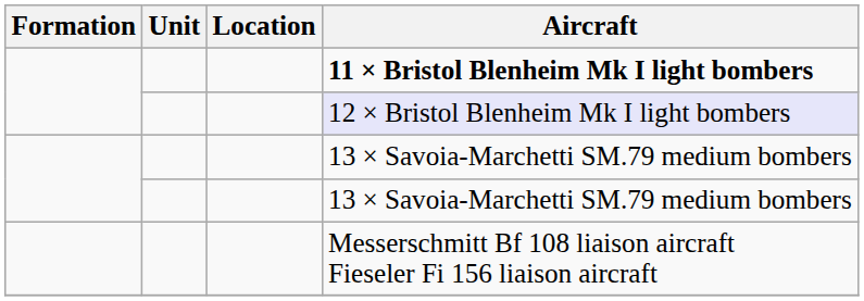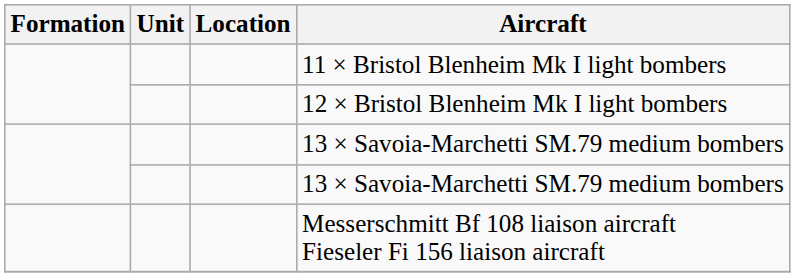 <table class="wikitable">
 <tr>
 <th scope="col">Formation</th>
 <th scope="col">Unit</th>
 <th scope="col">Location</th>
 <th scope="col">Aircraft</th>
 </tr>
 <tr>
 <td rowspan=2></td>
 <td></td>
 <td></td>
-<td><strong>11 × Bristol Blenheim Mk I light bombers</strong></td>
+<td>11 × Bristol Blenheim Mk I light bombers</td>
 </tr>
 <tr>
 <td></td>
 <td></td>
-<td style="background: lavender;">12 × Bristol Blenheim Mk I light bombers</td>
+<td>12 × Bristol Blenheim Mk I light bombers</td>
 </tr>
 <tr>
 <td rowspan=2></td>
 <td></td>
 <td></td>
 <td>13 × Savoia-Marchetti SM.79 medium bombers</td>
 </tr>
 <tr>
 <td></td>
 <td></td>
 <td>13 × Savoia-Marchetti SM.79 medium bombers</td>
 </tr>
 <tr>
 <td rowspan=1></td>
 <td></td>
 <td></td>
 <td>Messerschmitt Bf 108 liaison aircraft<br>Fieseler Fi 156 liaison aircraft</td>
 </tr>
 <tr>
 </tr>
 </table>
